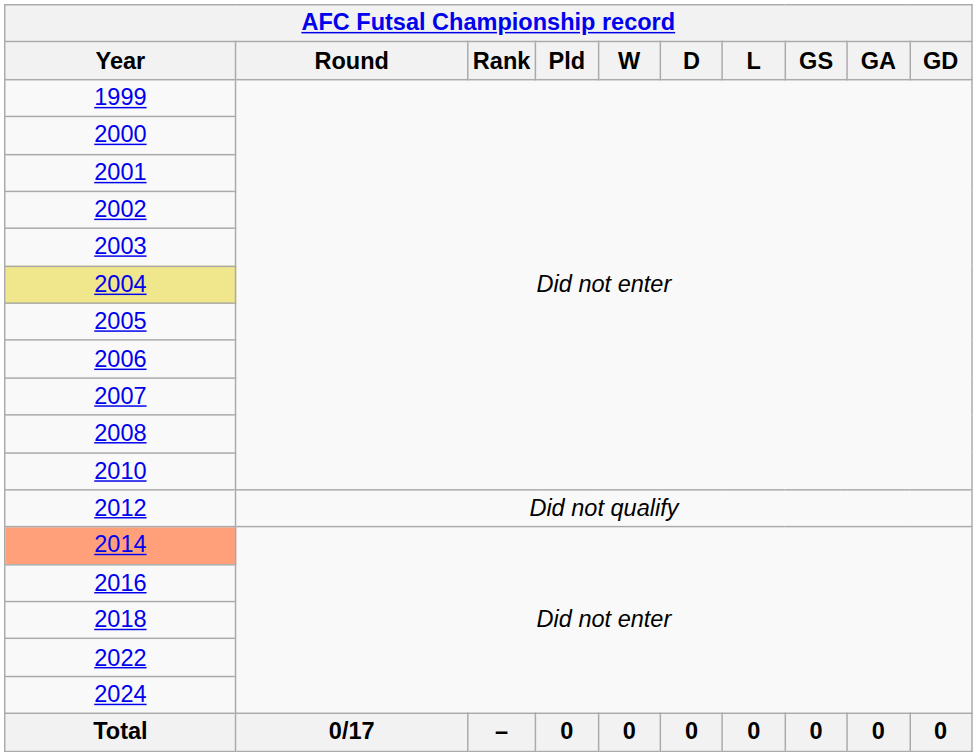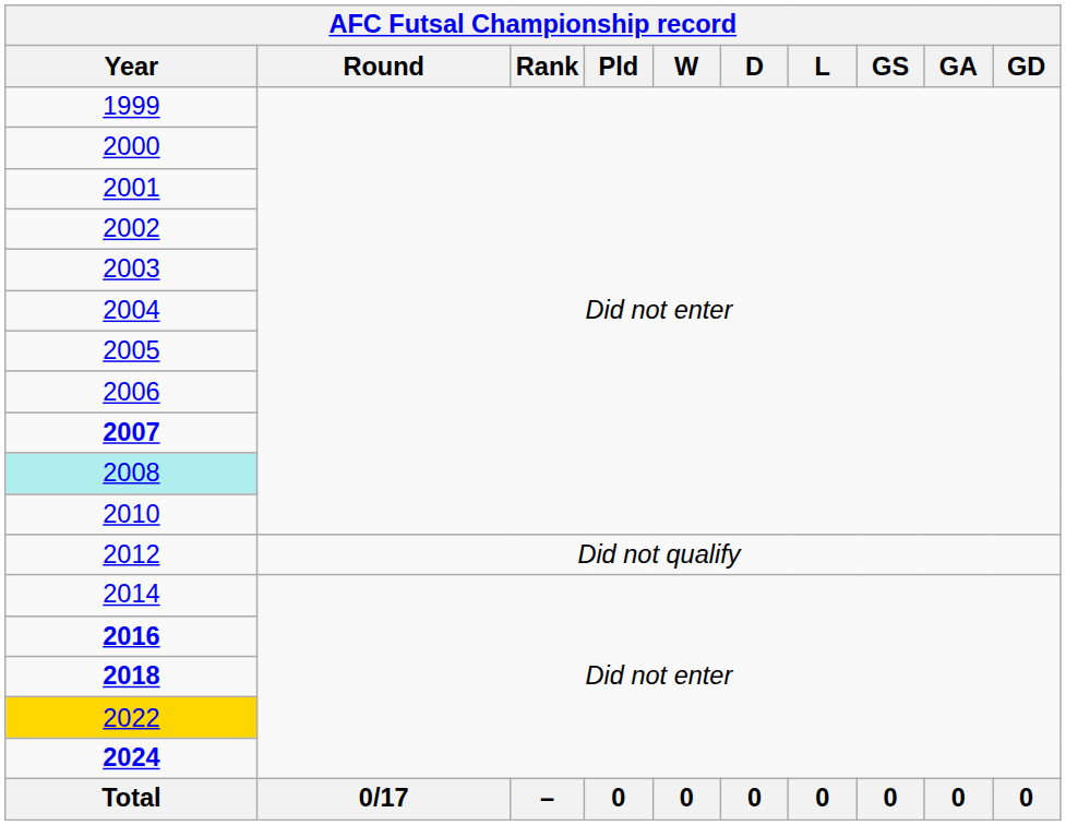 <table class="wikitable" style="text-align: center;">
 <tr>
 <th colspan="10"><a href='#'>AFC Futsal Championship record</a></th>
 </tr>
 <tr>
 <th width=150>Year</th>
 <th width=150>Round</th>
 <th width=35>Rank</th>
 <th width=35>Pld</th>
 <th width=35>W</th>
 <th width=35>D</th>
 <th width=35>L</th>
 <th width=35>GS</th>
 <th width=35>GA</th>
 <th width=35>GD</th>
 </tr>
 <tr>
 <td> <a href='#'>1999</a></td>
 <td rowspan=11 colspan=9><em>Did not enter</em></td>
 </tr>
 <tr>
 <td> <a href='#'>2000</a></td>
 </tr>
 <tr>
 <td> <a href='#'>2001</a></td>
 </tr>
 <tr>
 <td> <a href='#'>2002</a></td>
 </tr>
 <tr>
 <td> <a href='#'>2003</a></td>
 </tr>
 <tr>
-<td style="background: khaki;"> <a href='#'>2004</a></td>
+<td> <a href='#'>2004</a></td>
 </tr>
 <tr>
 <td> <a href='#'>2005</a></td>
 </tr>
 <tr>
 <td> <a href='#'>2006</a></td>
 </tr>
 <tr>
-<td> <a href='#'>2007</a></td>
+<td><strong> <a href='#'>2007</a></strong></td>
 </tr>
 <tr>
-<td> <a href='#'>2008</a></td>
+<td style="background: paleturquoise;"> <a href='#'>2008</a></td>
 </tr>
 <tr>
 <td> <a href='#'>2010</a></td>
 </tr>
 <tr>
 <td> <a href='#'>2012</a></td>
 <td rowspan=1 colspan=9><em>Did not qualify</em></td>
 </tr>
 <tr>
-<td style="background: lightsalmon;"> <a href='#'>2014</a></td>
+<td> <a href='#'>2014</a></td>
 <td rowspan=5 colspan=9><em>Did not enter</em></td>
 </tr>
 <tr>
-<td> <a href='#'>2016</a></td>
+<td><strong> <a href='#'>2016</a></strong></td>
 </tr>
 <tr>
-<td> <a href='#'>2018</a></td>
+<td><strong> <a href='#'>2018</a></strong></td>
 </tr>
 <tr>
-<td> <a href='#'>2022</a></td>
+<td style="background: gold;"> <a href='#'>2022</a></td>
 </tr>
 <tr>
-<td> <a href='#'>2024</a></td>
+<td><strong> <a href='#'>2024</a></strong></td>
 </tr>
 <tr>
 <th><strong>Total</strong></th>
 <th>0/17</th>
 <th>–</th>
 <th>0</th>
 <th>0</th>
 <th>0</th>
 <th>0</th>
 <th>0</th>
 <th>0</th>
 <th>0</th>
 </tr>
 </table>
